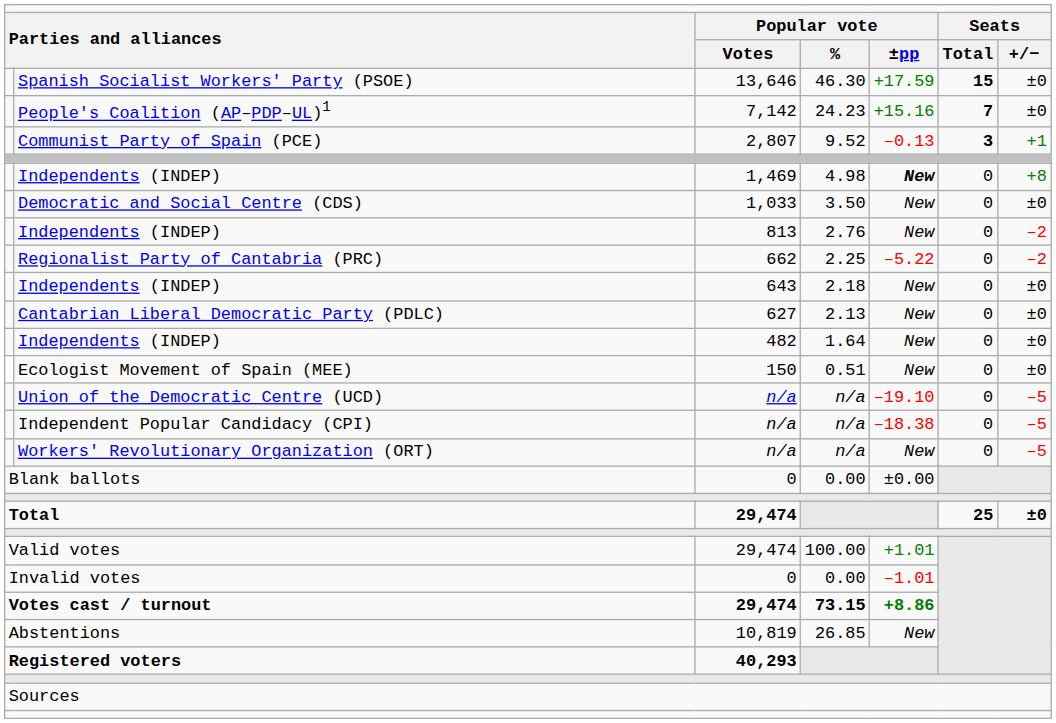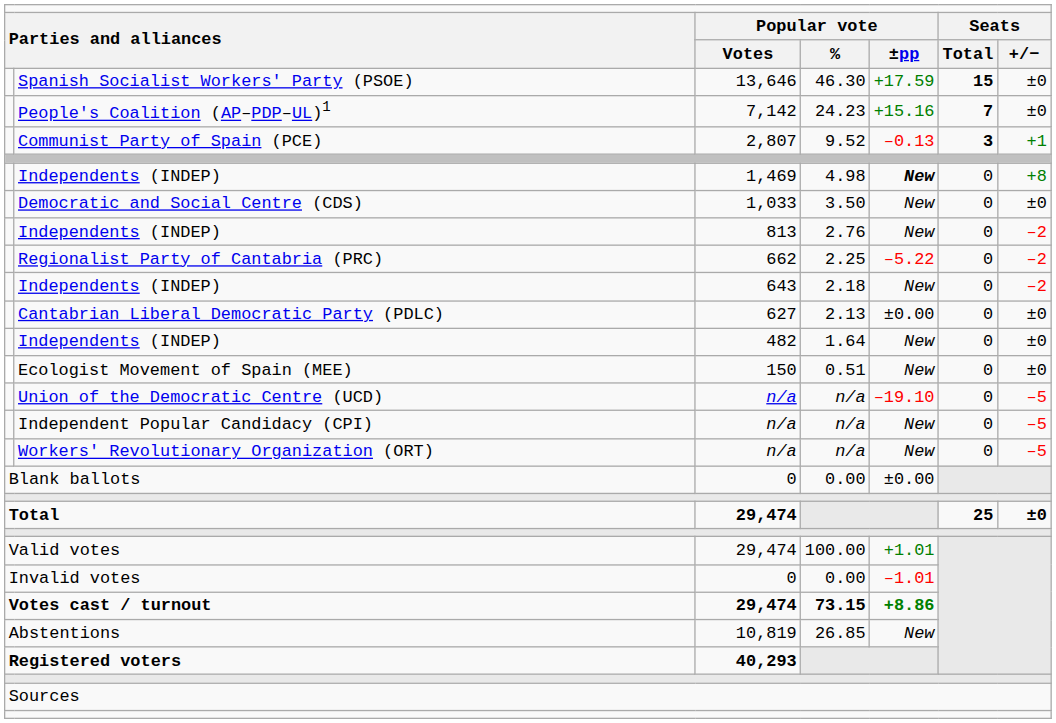 <table class="wikitable" style="text-align:right;">
 <tr>
 <td colspan="7"></td>
 </tr>
 <tr>
 <th style="text-align:left;" rowspan="2" colspan="2" width="525">Parties and alliances</th>
 <th colspan="3">Popular vote</th>
 <th colspan="2">Seats</th>
 </tr>
 <tr>
 <th width="75">Votes</th>
 <th width="45">%</th>
 <th width="45">±<a href='#'>pp</a></th>
 <th width="35">Total</th>
 <th width="35">+/−</th>
 </tr>
 <tr>
 <td width="1" style="color:inherit;background:"></td>
 <td align="left"><a href='#'>Spanish Socialist Workers' Party</a> (PSOE)</td>
 <td>13,646</td>
 <td>46.30</td>
 <td style="color:green;">+17.59</td>
 <td><strong>15</strong></td>
 <td>±0</td>
 </tr>
 <tr>
 <td style="color:inherit;background:"></td>
 <td align="left"><a href='#'>People's Coalition</a> (<a href='#'>AP</a>–<a href='#'>PDP</a>–<a href='#'>UL</a>)<sup>1</sup></td>
 <td>7,142</td>
 <td>24.23</td>
 <td style="color:green;">+15.16</td>
 <td><strong>7</strong></td>
 <td>±0</td>
 </tr>
 <tr>
 <td style="color:inherit;background:"></td>
 <td align="left"><a href='#'>Communist Party of Spain</a> (PCE)</td>
 <td>2,807</td>
 <td>9.52</td>
 <td style="color:red;">–0.13</td>
 <td><strong>3</strong></td>
 <td style="color:green;">+1</td>
 </tr>
 <tr>
 <td colspan="7" bgcolor="#C0C0C0"></td>
 </tr>
 <tr>
 <td style="color:inherit;background:"></td>
 <td align="left"><a href='#'>Independents</a> (INDEP)</td>
 <td>1,469</td>
 <td>4.98</td>
 <td><strong><em>New</em></strong></td>
 <td>0</td>
 <td style="color:green;">+8</td>
 </tr>
 <tr>
 <td style="color:inherit;background:"></td>
 <td align="left"><a href='#'>Democratic and Social Centre</a> (CDS)</td>
 <td>1,033</td>
 <td>3.50</td>
 <td><em>New</em></td>
 <td>0</td>
 <td>±0</td>
 </tr>
 <tr>
 <td style="color:inherit;background:"></td>
 <td align="left"><a href='#'>Independents</a> (INDEP)</td>
 <td>813</td>
 <td>2.76</td>
 <td><em>New</em></td>
 <td>0</td>
 <td style="color:red;">–2</td>
 </tr>
 <tr>
 <td style="color:inherit;background:"></td>
 <td align="left"><a href='#'>Regionalist Party of Cantabria</a> (PRC)</td>
 <td>662</td>
 <td>2.25</td>
 <td style="color:red;">–5.22</td>
 <td>0</td>
 <td style="color:red;">–2</td>
 </tr>
 <tr>
 <td style="color:inherit;background:"></td>
 <td align="left"><a href='#'>Independents</a> (INDEP)</td>
 <td>643</td>
 <td>2.18</td>
 <td><em>New</em></td>
 <td>0</td>
-<td>±0</td>
+<td style="color:red;">–2</td>
 </tr>
 <tr>
 <td style="color:inherit;background:"></td>
 <td align="left"><a href='#'>Cantabrian Liberal Democratic Party</a> (PDLC)</td>
 <td>627</td>
 <td>2.13</td>
-<td><em>New</em></td>
+<td>±0.00</td>
 <td>0</td>
 <td>±0</td>
 </tr>
 <tr>
 <td style="color:inherit;background:"></td>
 <td align="left"><a href='#'>Independents</a> (INDEP)</td>
 <td>482</td>
 <td>1.64</td>
 <td><em>New</em></td>
 <td>0</td>
 <td>±0</td>
 </tr>
 <tr>
 <td bgcolor="white"></td>
 <td align="left">Ecologist Movement of Spain (MEE)</td>
 <td>150</td>
 <td>0.51</td>
 <td><em>New</em></td>
 <td>0</td>
 <td>±0</td>
 </tr>
 <tr>
 <td style="color:inherit;background:"></td>
 <td align="left"><a href='#'>Union of the Democratic Centre</a> (UCD)</td>
 <td><em><a href='#'>n/a</a></em></td>
 <td><em>n/a</em></td>
 <td style="color:red;">–19.10</td>
 <td>0</td>
 <td style="color:red;">–5</td>
 </tr>
 <tr>
 <td style="color:inherit;background:"></td>
 <td align="left">Independent Popular Candidacy (CPI)</td>
 <td><em>n/a</em></td>
 <td><em>n/a</em></td>
-<td style="color:red;">–18.38</td>
+<td><em>New</em></td>
 <td>0</td>
 <td style="color:red;">–5</td>
 </tr>
 <tr>
 <td style="color:inherit;background:"></td>
 <td align="left"><a href='#'>Workers' Revolutionary Organization</a> (ORT)</td>
 <td><em>n/a</em></td>
 <td><em>n/a</em></td>
 <td><em>New</em></td>
 <td>0</td>
 <td style="color:red;">–5</td>
 </tr>
 <tr>
 <td align="left" colspan="2">Blank ballots</td>
 <td>0</td>
 <td>0.00</td>
 <td>±0.00</td>
 <td bgcolor="#E9E9E9" colspan="2"></td>
 </tr>
 <tr>
 <td colspan="7" bgcolor="#E9E9E9"></td>
 </tr>
 <tr style="font-weight:bold;">
 <td align="left" colspan="2">Total</td>
 <td>29,474</td>
 <td bgcolor="#E9E9E9" colspan="2"></td>
 <td>25</td>
 <td>±0</td>
 </tr>
 <tr>
 <td colspan="7" bgcolor="#E9E9E9"></td>
 </tr>
 <tr>
 <td align="left" colspan="2">Valid votes</td>
 <td>29,474</td>
 <td>100.00</td>
 <td style="color:green;">+1.01</td>
 <td bgcolor="#E9E9E9" colspan="2" rowspan="5"></td>
 </tr>
 <tr>
 <td align="left" colspan="2">Invalid votes</td>
 <td>0</td>
 <td>0.00</td>
 <td style="color:red;">–1.01</td>
 </tr>
 <tr style="font-weight:bold;">
 <td align="left" colspan="2">Votes cast / turnout</td>
 <td>29,474</td>
 <td>73.15</td>
 <td style="color:green;">+8.86</td>
 </tr>
 <tr>
 <td align="left" colspan="2">Abstentions</td>
 <td>10,819</td>
 <td>26.85</td>
 <td><em>New</em></td>
 </tr>
 <tr style="font-weight:bold;">
 <td align="left" colspan="2">Registered voters</td>
 <td>40,293</td>
 <td bgcolor="#E9E9E9" colspan="2"></td>
 </tr>
 <tr>
 <td colspan="7" bgcolor="#E9E9E9"></td>
 </tr>
 <tr>
 <td align="left" colspan="7">Sources</td>
 </tr>
 <tr>
 <td colspan="7" style="text-align:left; max-width:790px;"></td>
 </tr>
 </table>
